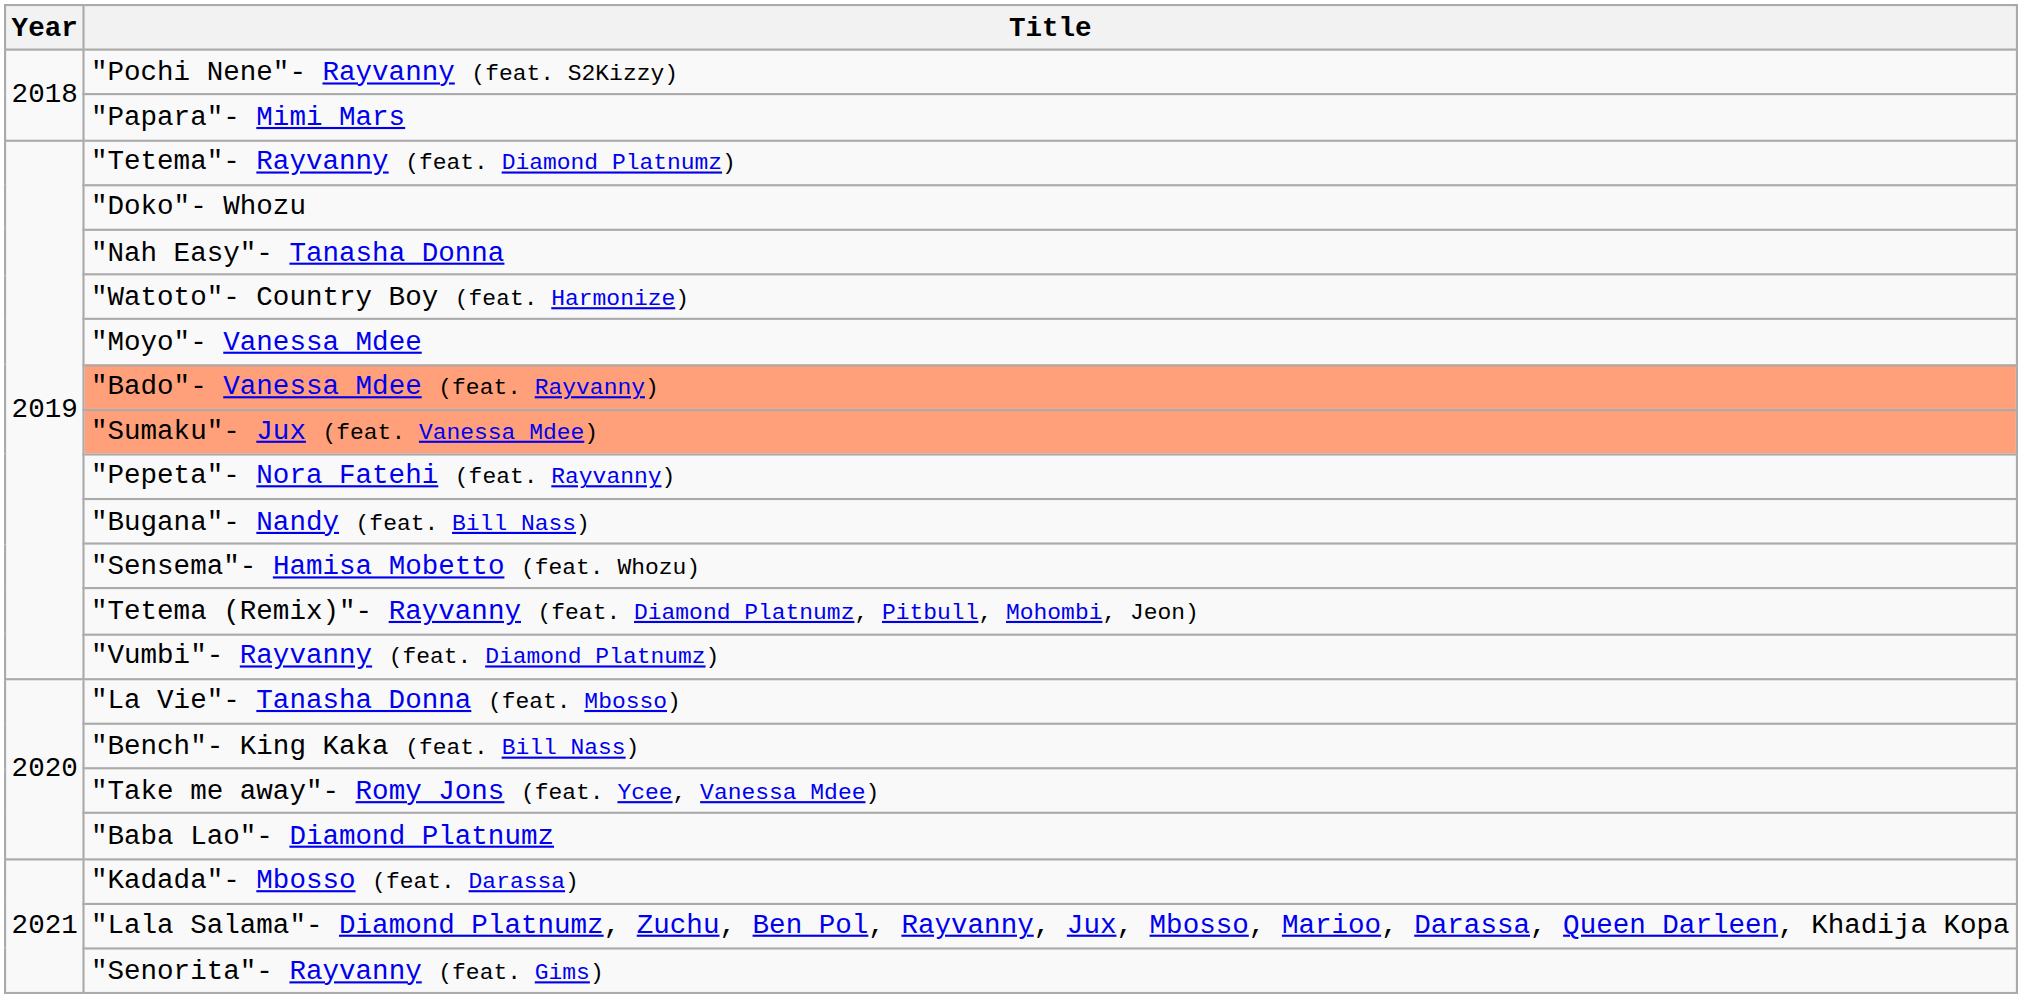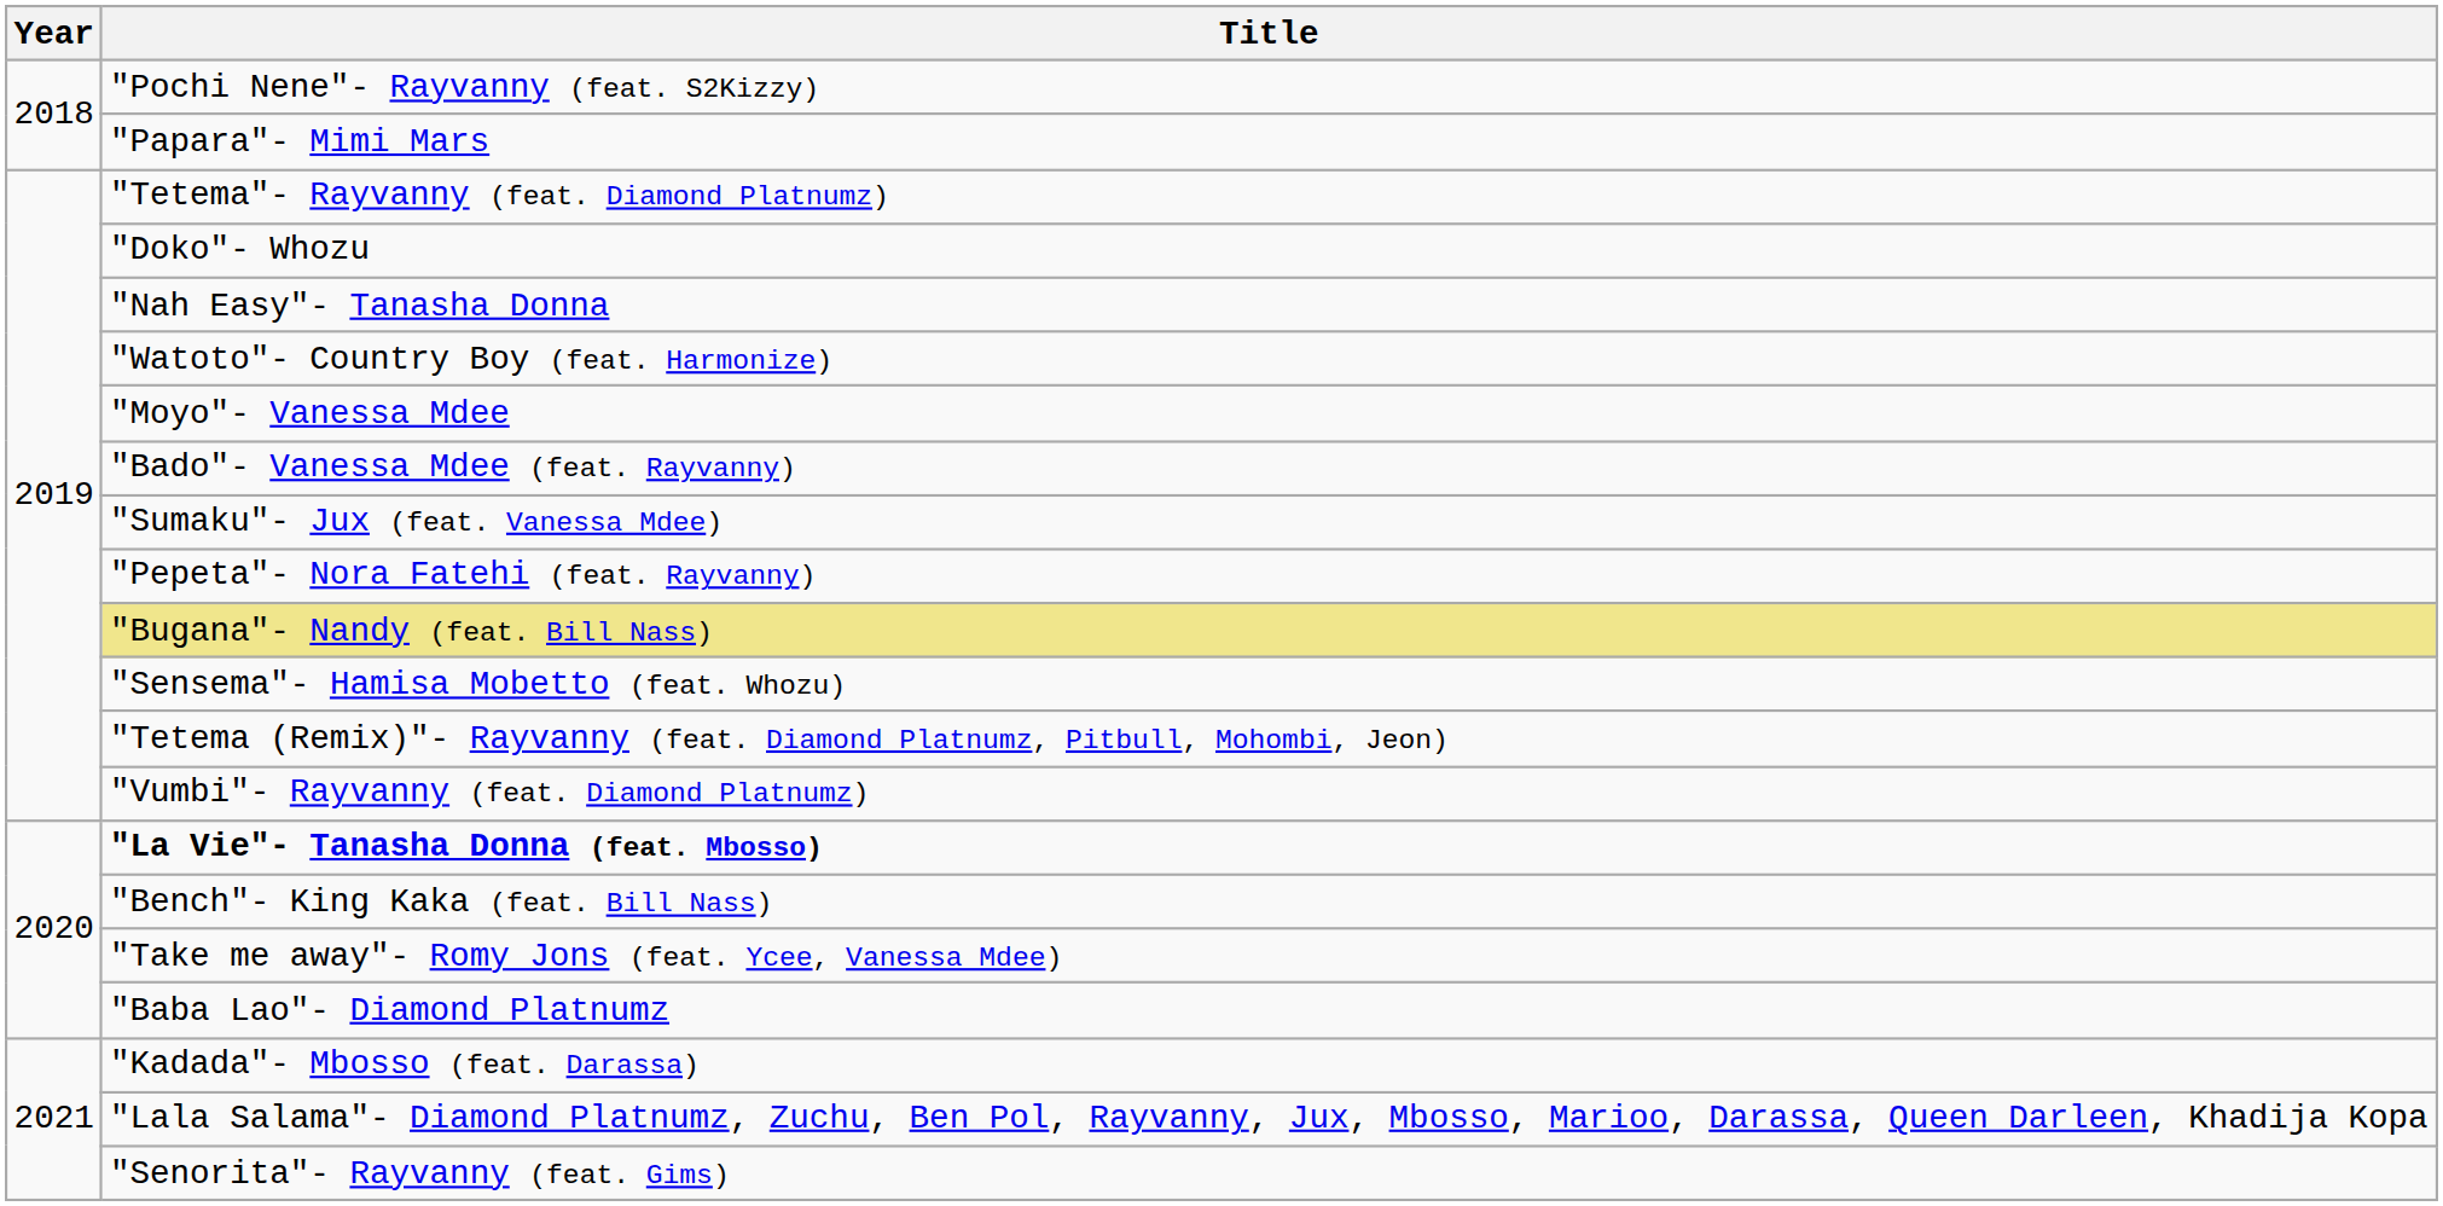 <table class="wikitable sortable">
 <tr>
 <th>Year</th>
 <th>Title</th>
 </tr>
 <tr>
 <td rowspan="2">2018</td>
 <td>"Pochi Nene"- <a href='#'>Rayvanny</a> <small>(feat. S2Kizzy)</small></td>
 </tr>
 <tr>
 <td>"Papara"- <a href='#'>Mimi Mars</a></td>
 </tr>
 <tr>
 <td rowspan="12">2019</td>
 <td>"Tetema"- <a href='#'>Rayvanny</a> <small>(feat. <a href='#'>Diamond Platnumz</a>)</small></td>
 </tr>
 <tr>
 <td>"Doko"- Whozu</td>
 </tr>
 <tr>
 <td>"Nah Easy"- <a href='#'>Tanasha Donna</a></td>
 </tr>
 <tr>
 <td>"Watoto"- Country Boy <small>(feat. <a href='#'>Harmonize</a>)</small></td>
 </tr>
 <tr>
 <td>"Moyo"- <a href='#'>Vanessa Mdee</a></td>
 </tr>
 <tr>
-<td style="background: lightsalmon;">"Bado"- <a href='#'>Vanessa Mdee</a> <small>(feat. <a href='#'>Rayvanny</a>)</small></td>
+<td>"Bado"- <a href='#'>Vanessa Mdee</a> <small>(feat. <a href='#'>Rayvanny</a>)</small></td>
 </tr>
 <tr>
-<td style="background: lightsalmon;">"Sumaku"- <a href='#'>Jux</a> <small>(feat. <a href='#'>Vanessa Mdee</a>)</small></td>
+<td>"Sumaku"- <a href='#'>Jux</a> <small>(feat. <a href='#'>Vanessa Mdee</a>)</small></td>
 </tr>
 <tr>
 <td>"Pepeta"- <a href='#'>Nora Fatehi</a> <small>(feat. <a href='#'>Rayvanny</a>)</small></td>
 </tr>
 <tr>
-<td>"Bugana"- <a href='#'>Nandy</a> <small>(feat. <a href='#'>Bill Nass</a>)</small></td>
+<td style="background: khaki;">"Bugana"- <a href='#'>Nandy</a> <small>(feat. <a href='#'>Bill Nass</a>)</small></td>
 </tr>
 <tr>
 <td>"Sensema"- <a href='#'>Hamisa Mobetto</a> <small>(feat. Whozu)</small></td>
 </tr>
 <tr>
 <td>"Tetema (Remix)"- <a href='#'>Rayvanny</a> <small>(feat. <a href='#'>Diamond Platnumz</a>, <a href='#'>Pitbull</a>, <a href='#'>Mohombi</a>, Jeon)</small></td>
 </tr>
 <tr>
 <td>"Vumbi"- <a href='#'>Rayvanny</a> <small>(feat. <a href='#'>Diamond Platnumz</a>)</small></td>
 </tr>
 <tr>
 <td rowspan="4">2020</td>
-<td>"La Vie"- <a href='#'>Tanasha Donna</a> <small>(feat. <a href='#'>Mbosso</a>)</small></td>
+<td><strong>"La Vie"- <a href='#'>Tanasha Donna</a> <small>(feat. <a href='#'>Mbosso</a>)</small></strong></td>
 </tr>
 <tr>
 <td>"Bench"- King Kaka <small>(feat. <a href='#'>Bill Nass</a>)</small></td>
 </tr>
 <tr>
 <td>"Take me away"- <a href='#'>Romy Jons</a> <small>(feat. <a href='#'>Ycee</a>, <a href='#'>Vanessa Mdee</a>)</small></td>
 </tr>
 <tr>
 <td>"Baba Lao"- <a href='#'>Diamond Platnumz</a></td>
 </tr>
 <tr>
 <td rowspan="3">2021</td>
 <td>"Kadada"- <a href='#'>Mbosso</a> <small>(feat. <a href='#'>Darassa</a>)</small></td>
 </tr>
 <tr>
 <td>"Lala Salama"- <a href='#'>Diamond Platnumz</a>, <a href='#'>Zuchu</a>, <a href='#'>Ben Pol</a>, <a href='#'>Rayvanny</a>, <a href='#'>Jux</a>, <a href='#'>Mbosso</a>, <a href='#'>Marioo</a>, <a href='#'>Darassa</a>, <a href='#'>Queen Darleen</a>, Khadija Kopa</td>
 </tr>
 <tr>
 <td>"Senorita"- <a href='#'>Rayvanny</a> <small>(feat. <a href='#'>Gims</a>)</small></td>
 </tr>
 </table>
